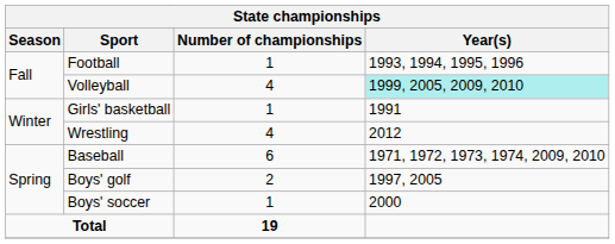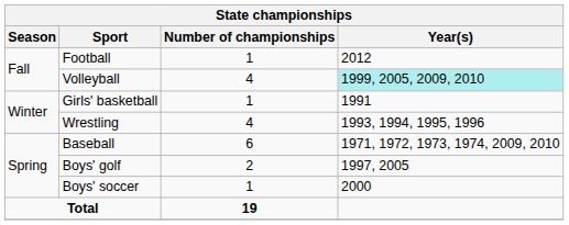 <table class="wikitable">
 <tr>
 <th colspan="4">State championships</th>
 </tr>
 <tr>
 <th>Season</th>
 <th>Sport</th>
 <th>Number of championships</th>
 <th>Year(s)</th>
 </tr>
 <tr>
 <td rowspan="2">Fall</td>
 <td>Football</td>
 <td align="center">1</td>
-<td>1993, 1994, 1995, 1996</td>
+<td>2012</td>
 </tr>
 <tr>
 <td>Volleyball</td>
 <td align="center">4</td>
 <td style="background: paleturquoise;">1999, 2005, 2009, 2010</td>
 </tr>
 <tr>
 <td rowspan="2">Winter</td>
 <td>Girls' basketball</td>
 <td align="center">1</td>
 <td>1991</td>
 </tr>
 <tr>
 <td>Wrestling</td>
 <td align="center">4</td>
-<td>2012</td>
+<td>1993, 1994, 1995, 1996</td>
 </tr>
 <tr>
 <td rowspan="3">Spring</td>
 <td>Baseball</td>
 <td align="center">6</td>
 <td>1971, 1972, 1973, 1974, 2009, 2010</td>
 </tr>
 <tr>
 <td>Boys' golf</td>
 <td align="center">2</td>
 <td>1997, 2005</td>
 </tr>
 <tr>
 <td>Boys' soccer</td>
 <td align="center">1</td>
 <td>2000</td>
 </tr>
 <tr>
 <td align="center" colspan="2"><strong>Total</strong></td>
 <td align="center"><strong>19</strong></td>
 <td></td>
 </tr>
 <tr>
 </tr>
 </table>
